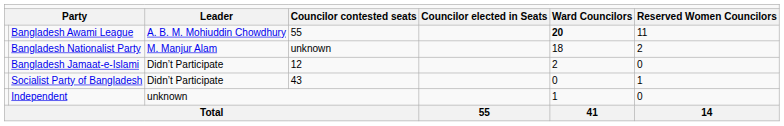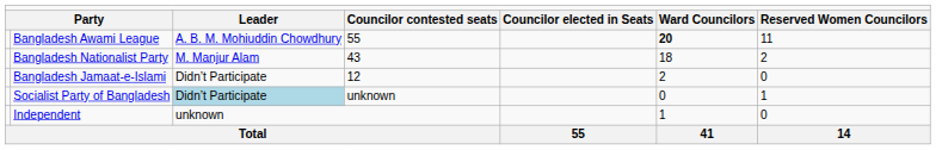 <table class="wikitable">
 <tr>
 <td colspan="7"></td>
 </tr>
 <tr>
 <th colspan="2">Party</th>
 <th>Leader</th>
 <th>Councilor contested seats</th>
 <th>Councilor elected in Seats</th>
 <th>Ward Councilors</th>
 <th>Reserved Women Councilors</th>
 </tr>
 <tr>
 <td></td>
 <td><a href='#'>Bangladesh Awami League</a></td>
 <td><a href='#'>A. B. M. Mohiuddin Chowdhury</a></td>
 <td>55</td>
 <td></td>
 <td><strong>20</strong></td>
 <td>11</td>
 </tr>
 <tr>
 <td></td>
 <td><a href='#'>Bangladesh Nationalist Party</a></td>
 <td><a href='#'>M. Manjur Alam</a></td>
-<td>unknown</td>
+<td>43</td>
 <td></td>
 <td>18</td>
 <td>2</td>
 </tr>
 <tr>
 <td></td>
 <td><a href='#'>Bangladesh Jamaat-e-Islami</a></td>
 <td>Didn’t Participate</td>
 <td>12</td>
 <td></td>
 <td>2</td>
 <td>0</td>
 </tr>
 <tr>
 <td></td>
 <td><a href='#'>Socialist Party of Bangladesh</a></td>
-<td>Didn’t Participate</td>
-<td>43</td>
+<td style="background: lightblue;">Didn’t Participate</td>
+<td>unknown</td>
 <td></td>
 <td>0</td>
 <td>1</td>
 </tr>
 <tr>
 <td></td>
 <td><a href='#'>Independent</a></td>
 <td colspan="2">unknown</td>
 <td></td>
 <td>1</td>
 <td>0</td>
 </tr>
 <tr>
 <th colspan="4">Total</th>
 <th>55</th>
 <th>41</th>
 <th>14</th>
 </tr>
 </table>
